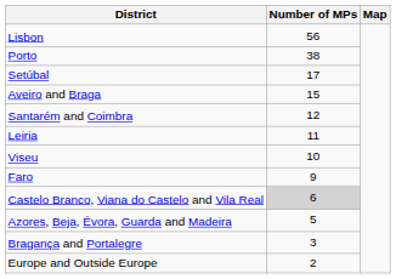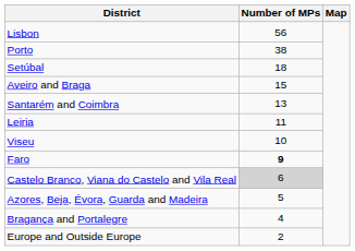 <table class="wikitable">
 <tr>
 <th>District</th>
 <th>Number of MPs</th>
 <th>Map</th>
 </tr>
 <tr>
 <td><a href='#'>Lisbon</a><sup></sup></td>
 <td style="text-align:center;">56</td>
 <td style="text-align:center;" rowspan="12"><br>                      </td>
 </tr>
 <tr>
 <td><a href='#'>Porto</a></td>
 <td style="text-align:center;">38</td>
 </tr>
 <tr>
 <td><a href='#'>Setúbal</a></td>
-<td style="text-align:center;">17</td>
+<td style="text-align:center;">18</td>
 </tr>
 <tr>
 <td><a href='#'>Aveiro</a> and <a href='#'>Braga</a></td>
 <td style="text-align:center;">15</td>
 </tr>
 <tr>
 <td><a href='#'>Santarém</a><sup></sup> and <a href='#'>Coimbra</a></td>
-<td style="text-align:center;">12</td>
+<td style="text-align:center;">13</td>
 </tr>
 <tr>
 <td><a href='#'>Leiria</a></td>
 <td style="text-align:center;">11</td>
 </tr>
 <tr>
 <td><a href='#'>Viseu</a><sup></sup></td>
 <td style="text-align:center;">10</td>
 </tr>
 <tr>
 <td><a href='#'>Faro</a></td>
-<td style="text-align:center;">9</td>
+<td style="text-align:center;"><strong>9</strong></td>
 </tr>
 <tr>
 <td><a href='#'>Castelo Branco</a><sup></sup>, <a href='#'>Viana do Castelo</a><sup></sup> and <a href='#'>Vila Real</a><sup></sup></td>
 <td style="background: lightgrey; text-align:center;">6</td>
 </tr>
 <tr>
 <td><a href='#'>Azores</a><sup></sup>, <a href='#'>Beja</a><sup></sup>, <a href='#'>Évora</a><sup></sup>, <a href='#'>Guarda</a><sup></sup> and <a href='#'>Madeira</a><sup></sup></td>
 <td style="text-align:center;">5</td>
 </tr>
 <tr>
 <td><a href='#'>Bragança</a><sup></sup> and <a href='#'>Portalegre</a></td>
-<td style="text-align:center;">3</td>
+<td style="text-align:center;">4</td>
 </tr>
 <tr>
 <td>Europe and Outside Europe</td>
 <td style="text-align:center;">2</td>
 </tr>
 </table>
